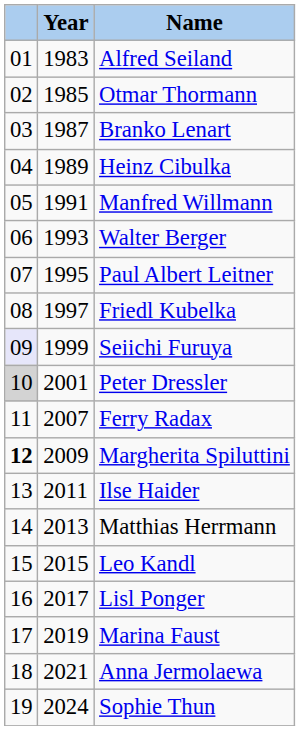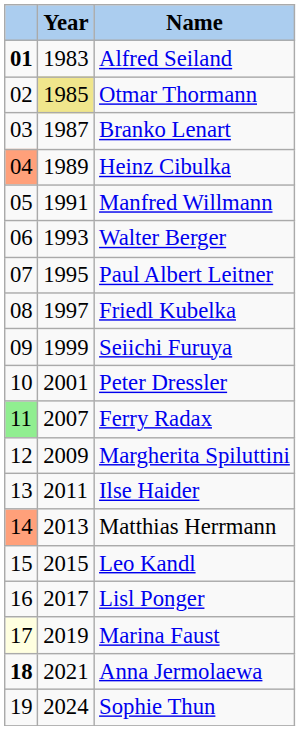 <table class="wikitable">
 <tr>
 <th style="background:#ABCDEF"></th>
 <th style="background:#ABCDEF">Year</th>
 <th style="background:#ABCDEF">Name</th>
 </tr>
 <tr>
-<td>01</td>
+<td><strong>01</strong></td>
 <td>1983</td>
 <td><a href='#'>Alfred Seiland</a></td>
 </tr>
 <tr>
 <td>02</td>
-<td>1985</td>
+<td style="background: khaki;">1985</td>
 <td><a href='#'>Otmar Thormann</a></td>
 </tr>
 <tr>
 <td>03</td>
 <td>1987</td>
 <td><a href='#'>Branko Lenart</a></td>
 </tr>
 <tr>
-<td>04</td>
+<td style="background: lightsalmon;">04</td>
 <td>1989</td>
 <td><a href='#'>Heinz Cibulka</a></td>
 </tr>
 <tr>
 <td>05</td>
 <td>1991</td>
 <td><a href='#'>Manfred Willmann</a></td>
 </tr>
 <tr>
 <td>06</td>
 <td>1993</td>
 <td><a href='#'>Walter Berger</a></td>
 </tr>
 <tr>
 <td>07</td>
 <td>1995</td>
 <td><a href='#'>Paul Albert Leitner</a></td>
 </tr>
 <tr>
 <td>08</td>
 <td>1997</td>
 <td><a href='#'>Friedl Kubelka</a></td>
 </tr>
 <tr>
-<td style="background: lavender;">09</td>
+<td>09</td>
 <td>1999</td>
 <td><a href='#'>Seiichi Furuya</a></td>
 </tr>
 <tr>
-<td style="background: lightgrey;">10</td>
+<td>10</td>
 <td>2001</td>
 <td><a href='#'>Peter Dressler</a></td>
 </tr>
 <tr>
-<td>11</td>
+<td style="background: lightgreen;">11</td>
 <td>2007</td>
 <td><a href='#'>Ferry Radax</a></td>
 </tr>
 <tr>
-<td><strong>12</strong></td>
+<td>12</td>
 <td>2009</td>
 <td><a href='#'>Margherita Spiluttini</a></td>
 </tr>
 <tr>
 <td>13</td>
 <td>2011</td>
 <td><a href='#'>Ilse Haider</a></td>
 </tr>
 <tr>
-<td>14</td>
+<td style="background: lightsalmon;">14</td>
 <td>2013</td>
 <td>Matthias Herrmann</td>
 </tr>
 <tr>
 <td>15</td>
 <td>2015</td>
 <td><a href='#'>Leo Kandl</a></td>
 </tr>
 <tr>
 <td>16</td>
 <td>2017</td>
 <td><a href='#'>Lisl Ponger</a></td>
 </tr>
 <tr>
-<td>17</td>
+<td style="background: lightyellow;">17</td>
 <td>2019</td>
 <td><a href='#'>Marina Faust</a></td>
 </tr>
 <tr>
-<td>18</td>
+<td><strong>18</strong></td>
 <td>2021</td>
 <td><a href='#'>Anna Jermolaewa</a></td>
 </tr>
 <tr>
 <td>19</td>
 <td>2024</td>
 <td><a href='#'>Sophie Thun</a></td>
 </tr>
 <tr>
 </tr>
 </table>
